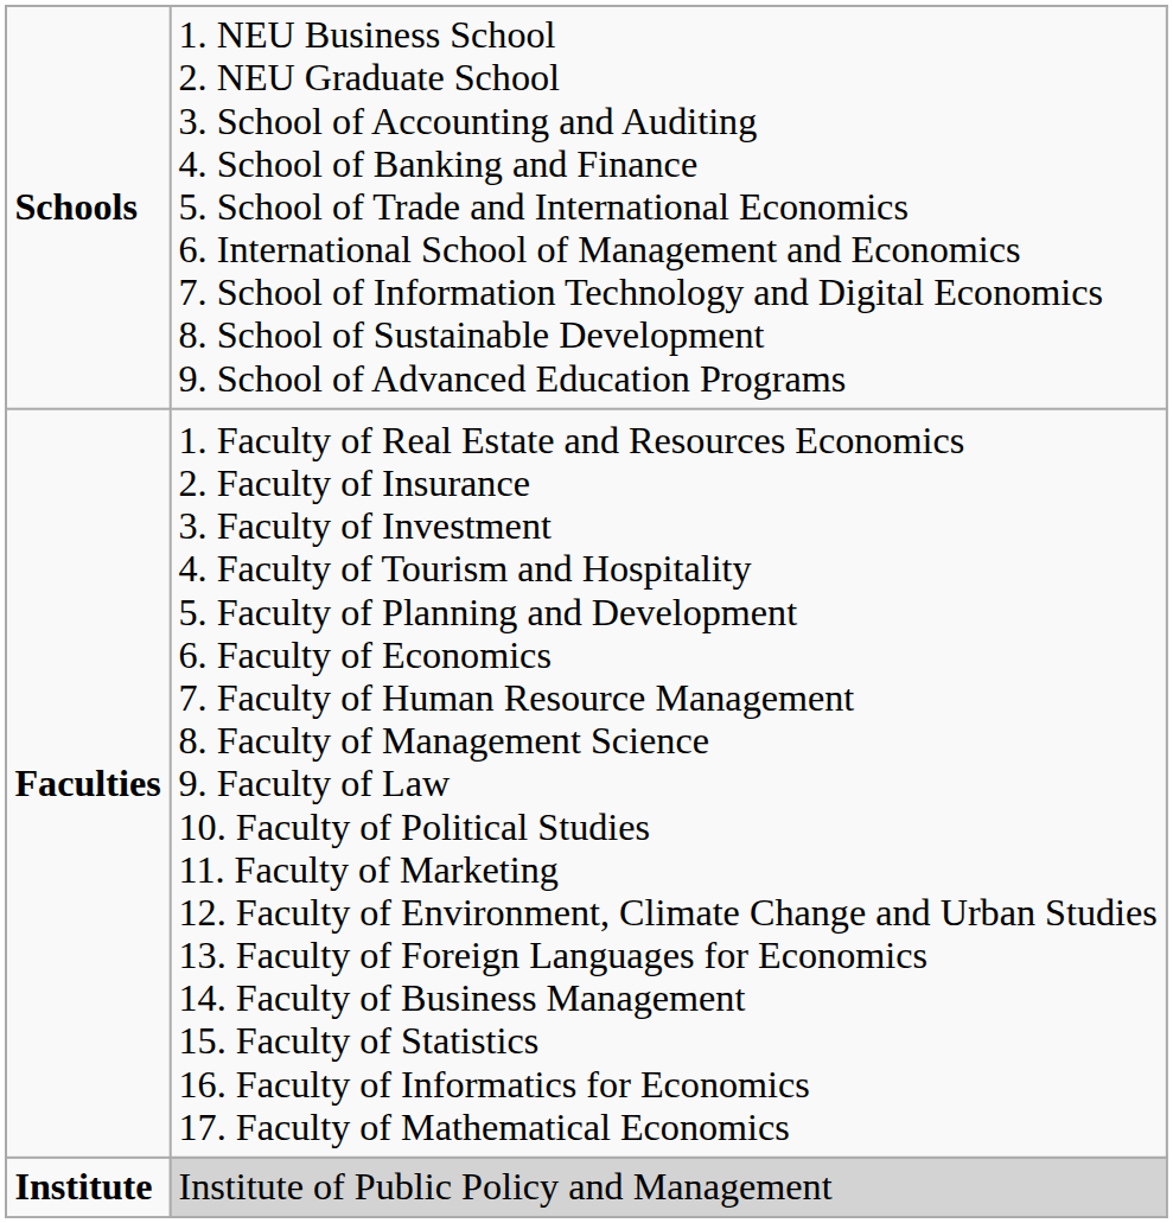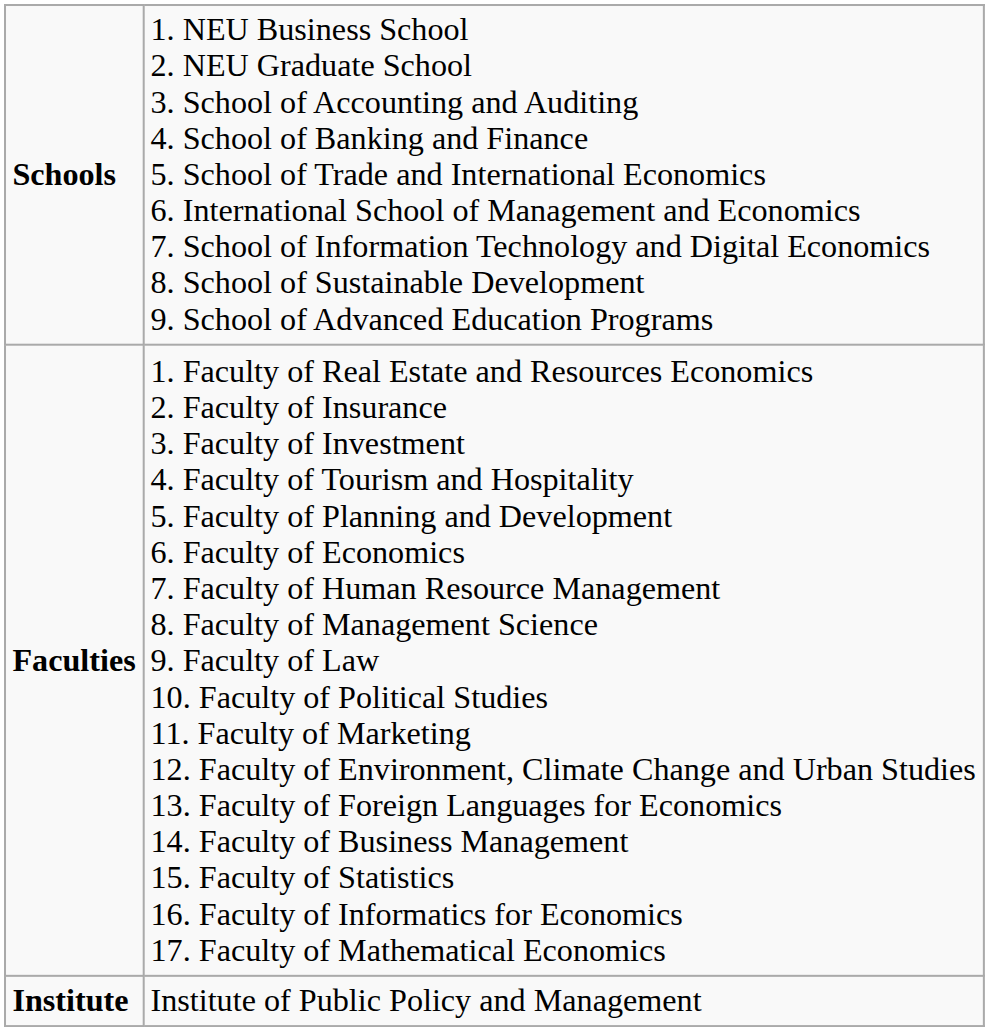 <table class="wikitable">
 <tr>
 <td><strong>Schools</strong></td>
 <td>1. NEU Business School<br>2. NEU Graduate School<br>3. School of Accounting and Auditing<br>4. School of Banking and Finance<br>5. School of Trade and International Economics<br>6. International School of Management and Economics<br>7. School of Information Technology and Digital Economics<br>8. School of Sustainable Development<br>9. School of Advanced Education Programs</td>
 </tr>
 <tr>
 <td><strong>Faculties</strong></td>
 <td>1. Faculty of Real Estate and Resources Economics<br>2. Faculty of Insurance<br>3. Faculty of Investment<br>4. Faculty of Tourism and Hospitality<br>5. Faculty of Planning and Development<br>6. Faculty of Economics<br>7. Faculty of Human Resource Management<br>8. Faculty of Management Science<br>9. Faculty of Law<br>10. Faculty of Political Studies<br>11. Faculty of Marketing<br>12. Faculty of Environment, Climate Change and Urban Studies<br>13. Faculty of Foreign Languages for Economics<br>14. Faculty of Business Management<br>15. Faculty of Statistics<br>16. Faculty of Informatics for Economics<br>17. Faculty of Mathematical Economics</td>
 </tr>
 <tr>
 <td><strong>Institute</strong></td>
-<td style="background: lightgrey;">Institute of Public Policy and Management</td>
+<td>Institute of Public Policy and Management</td>
 </tr>
 </table>
